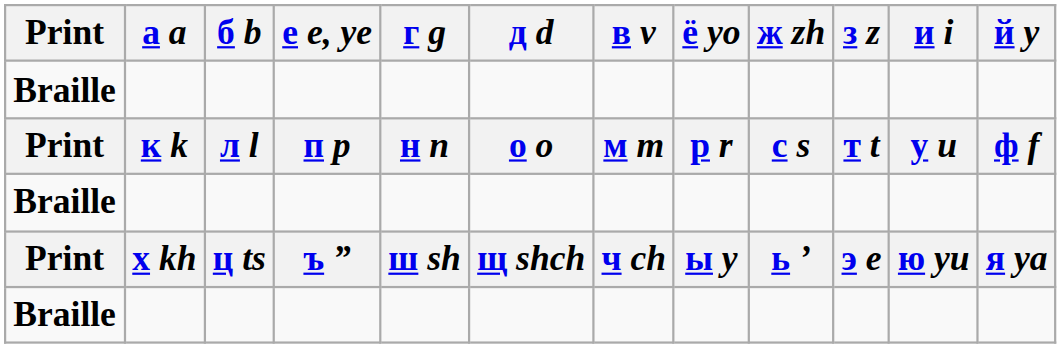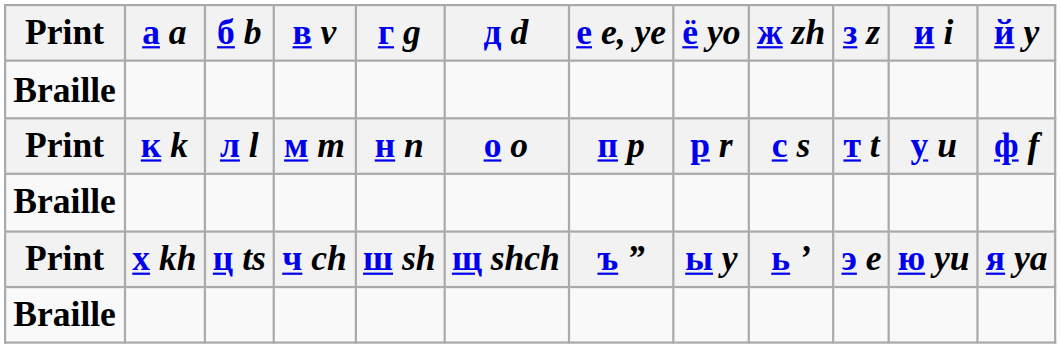 <table class="wikitable" style="text-align:center">
 <tr>
 <th><strong>Print</strong></th>
 <th><a href='#'>а</a> <em>a</em></th>
 <th><a href='#'>б</a> <em>b</em></th>
-<th><a href='#'>е</a> <em>e, ye</em></th>
+<th><a href='#'>в</a> <em>v</em></th>
 <th><a href='#'>г</a> <em>g</em></th>
 <th><a href='#'>д</a> <em>d</em></th>
-<th><a href='#'>в</a> <em>v</em></th>
+<th><a href='#'>е</a> <em>e, ye</em></th>
 <th><a href='#'>ё</a> <em>yo</em></th>
 <th><a href='#'>ж</a> <em>zh</em></th>
 <th><a href='#'>з</a> <em>z</em></th>
 <th><a href='#'>и</a> <em>i</em></th>
 <th><a href='#'>й</a> <em>y</em></th>
 </tr>
 <tr>
 <td><strong>Braille</strong></td>
 <td></td>
 <td></td>
 <td></td>
 <td></td>
 <td></td>
 <td></td>
 <td></td>
 <td></td>
 <td></td>
 <td></td>
 <td></td>
 </tr>
 <tr>
 <th><strong>Print</strong></th>
 <th><a href='#'>к</a> <em>k</em></th>
 <th><a href='#'>л</a> <em>l</em></th>
-<th><a href='#'>п</a> <em>p</em></th>
+<th><a href='#'>м</a> <em>m</em></th>
 <th><a href='#'>н</a> <em>n</em></th>
 <th><a href='#'>о</a> <em>o</em></th>
-<th><a href='#'>м</a> <em>m</em></th>
+<th><a href='#'>п</a> <em>p</em></th>
 <th><a href='#'>р</a> <em>r</em></th>
 <th><a href='#'>с</a> <em>s</em></th>
 <th><a href='#'>т</a> <em>t</em></th>
 <th><a href='#'>у</a> <em>u</em></th>
 <th><a href='#'>ф</a> <em>f</em></th>
 </tr>
 <tr>
 <td><strong>Braille</strong></td>
 <td></td>
 <td></td>
 <td></td>
 <td></td>
 <td></td>
 <td></td>
 <td></td>
 <td></td>
 <td></td>
 <td></td>
 <td></td>
 </tr>
 <tr>
 <th><strong>Print</strong></th>
 <th><a href='#'>х</a> <em>kh</em></th>
 <th><a href='#'>ц</a> <em>ts</em></th>
-<th><a href='#'>ъ</a> <em>”</em></th>
+<th><a href='#'>ч</a> <em>ch</em></th>
 <th><a href='#'>ш</a> <em>sh</em></th>
 <th><a href='#'>щ</a> <em>shch</em></th>
-<th><a href='#'>ч</a> <em>ch</em></th>
+<th><a href='#'>ъ</a> <em>”</em></th>
 <th><a href='#'>ы</a> <em>y</em></th>
 <th><a href='#'>ь</a> <em>’</em></th>
 <th><a href='#'>э</a> <em>e</em></th>
 <th><a href='#'>ю</a> <em>yu</em></th>
 <th><a href='#'>я</a> <em>ya</em></th>
 </tr>
 <tr>
 <td><strong>Braille</strong></td>
 <td></td>
 <td></td>
 <td></td>
 <td></td>
 <td></td>
 <td></td>
 <td></td>
 <td></td>
 <td></td>
 <td></td>
 <td></td>
 </tr>
 </table>
